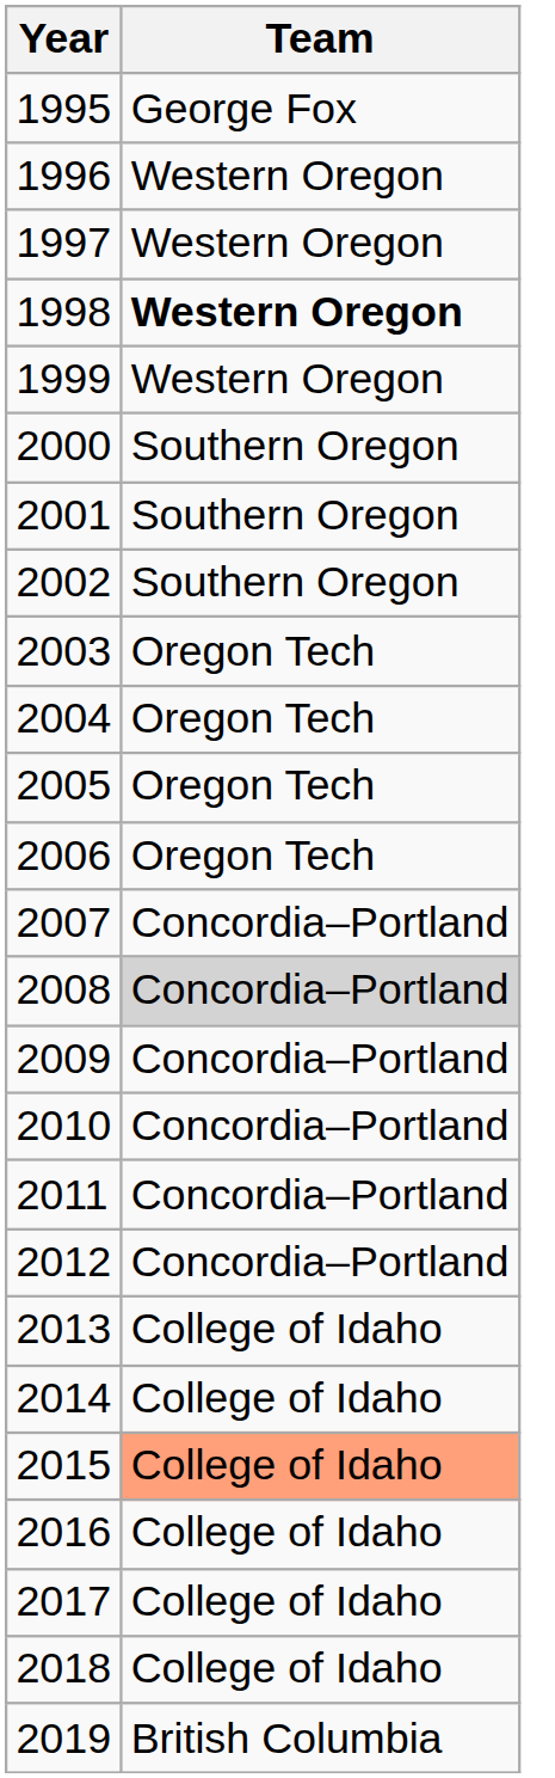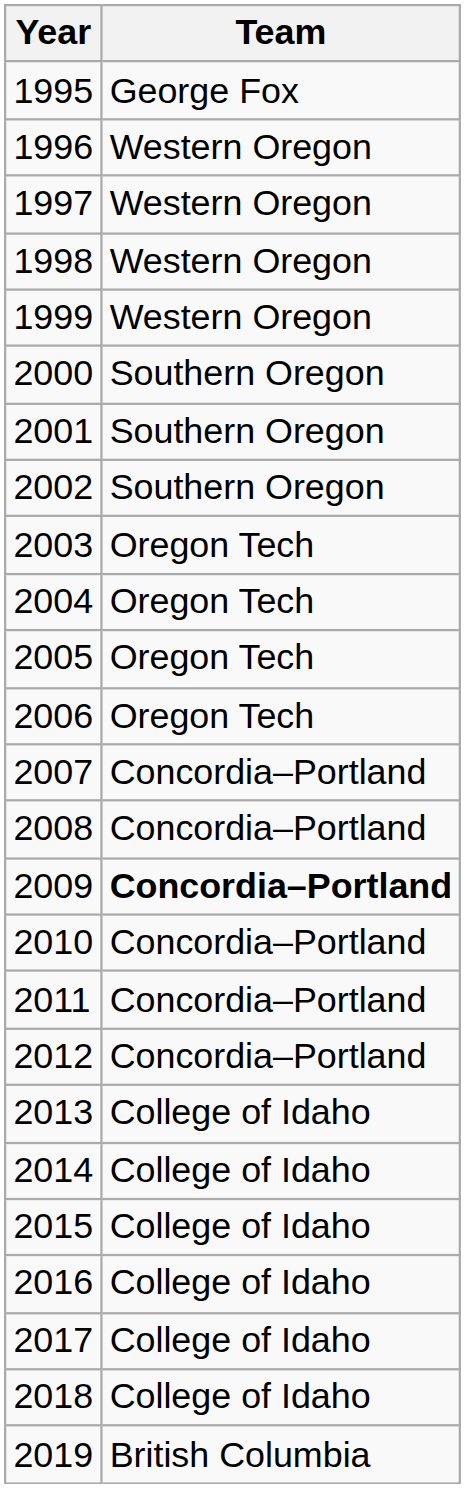 <table class="wikitable">
 <tr>
 <th>Year</th>
 <th>Team</th>
 </tr>
 <tr>
 <td>1995</td>
 <td>George Fox</td>
 </tr>
 <tr>
 <td>1996</td>
 <td>Western Oregon</td>
 </tr>
 <tr>
 <td>1997</td>
 <td>Western Oregon</td>
 </tr>
 <tr>
 <td>1998</td>
-<td><strong>Western Oregon</strong></td>
+<td>Western Oregon</td>
 </tr>
 <tr>
 <td>1999</td>
 <td>Western Oregon</td>
 </tr>
 <tr>
 <td>2000</td>
 <td>Southern Oregon</td>
 </tr>
 <tr>
 <td>2001</td>
 <td>Southern Oregon</td>
 </tr>
 <tr>
 <td>2002</td>
 <td>Southern Oregon</td>
 </tr>
 <tr>
 <td>2003</td>
 <td>Oregon Tech</td>
 </tr>
 <tr>
 <td>2004</td>
 <td>Oregon Tech</td>
 </tr>
 <tr>
 <td>2005</td>
 <td>Oregon Tech</td>
 </tr>
 <tr>
 <td>2006</td>
 <td>Oregon Tech</td>
 </tr>
 <tr>
 <td>2007</td>
 <td>Concordia–Portland</td>
 </tr>
 <tr>
 <td>2008</td>
-<td style="background: lightgrey;">Concordia–Portland</td>
+<td>Concordia–Portland</td>
 </tr>
 <tr>
 <td>2009</td>
-<td>Concordia–Portland</td>
+<td><strong>Concordia–Portland</strong></td>
 </tr>
 <tr>
 <td>2010</td>
 <td>Concordia–Portland</td>
 </tr>
 <tr>
 <td>2011</td>
 <td>Concordia–Portland</td>
 </tr>
 <tr>
 <td>2012</td>
 <td>Concordia–Portland</td>
 </tr>
 <tr>
 <td>2013</td>
 <td>College of Idaho</td>
 </tr>
 <tr>
 <td>2014</td>
 <td>College of Idaho</td>
 </tr>
 <tr>
 <td>2015</td>
-<td style="background: lightsalmon;">College of Idaho</td>
+<td>College of Idaho</td>
 </tr>
 <tr>
 <td>2016</td>
 <td>College of Idaho</td>
 </tr>
 <tr>
 <td>2017</td>
 <td>College of Idaho</td>
 </tr>
 <tr>
 <td>2018</td>
 <td>College of Idaho</td>
 </tr>
 <tr>
 <td>2019</td>
 <td>British Columbia</td>
 </tr>
 </table>
